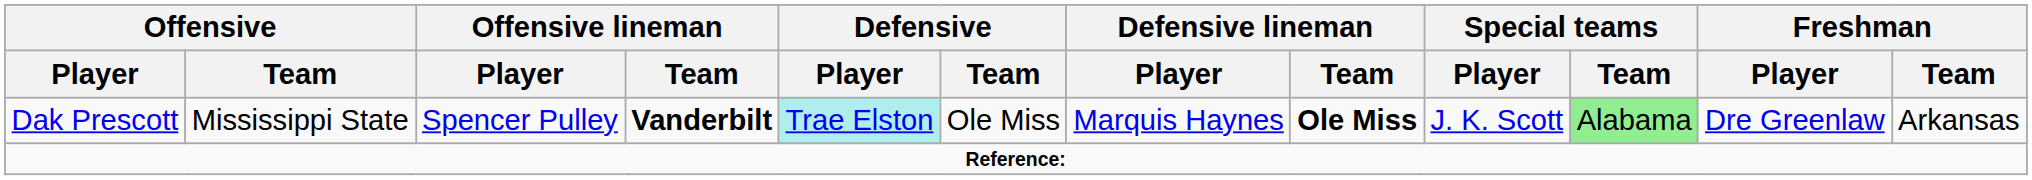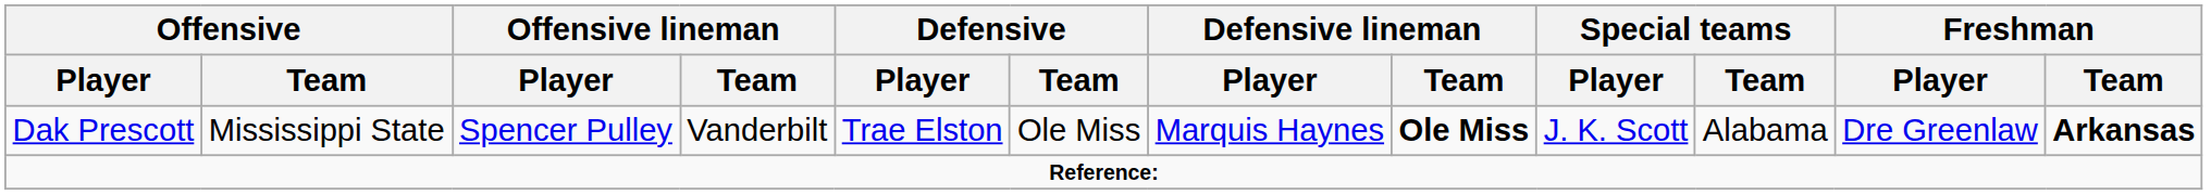 <table class="wikitable">
 <tr>
 <th colspan="2">Offensive</th>
 <th colspan="2">Offensive lineman</th>
 <th colspan="2">Defensive</th>
 <th colspan="2">Defensive lineman</th>
 <th colspan="2">Special teams</th>
 <th colspan="2">Freshman</th>
 </tr>
 <tr>
 <th>Player</th>
 <th>Team</th>
 <th>Player</th>
 <th>Team</th>
 <th>Player</th>
 <th>Team</th>
 <th>Player</th>
 <th>Team</th>
 <th>Player</th>
 <th>Team</th>
 <th>Player</th>
 <th>Team</th>
 </tr>
 <tr>
 <td><a href='#'>Dak Prescott</a></td>
 <td>Mississippi State</td>
 <td><a href='#'>Spencer Pulley</a></td>
-<td><strong>Vanderbilt</strong></td>
-<td style="background: paleturquoise;"><a href='#'>Trae Elston</a></td>
+<td>Vanderbilt</td>
+<td><a href='#'>Trae Elston</a></td>
 <td>Ole Miss</td>
 <td><a href='#'>Marquis Haynes</a></td>
 <td><strong>Ole Miss</strong></td>
 <td><a href='#'>J. K. Scott</a></td>
-<td style="background: lightgreen;">Alabama</td>
+<td>Alabama</td>
 <td><a href='#'>Dre Greenlaw</a></td>
-<td>Arkansas</td>
+<td><strong>Arkansas</strong></td>
 </tr>
 <tr>
 <td colspan="12"  style="font-size:8pt; text-align:center;"><strong>Reference:</strong></td>
 </tr>
 </table>
